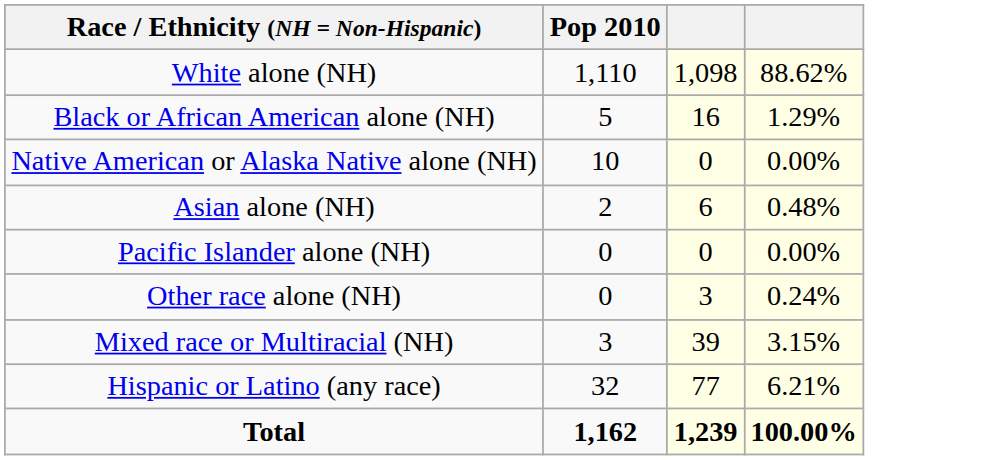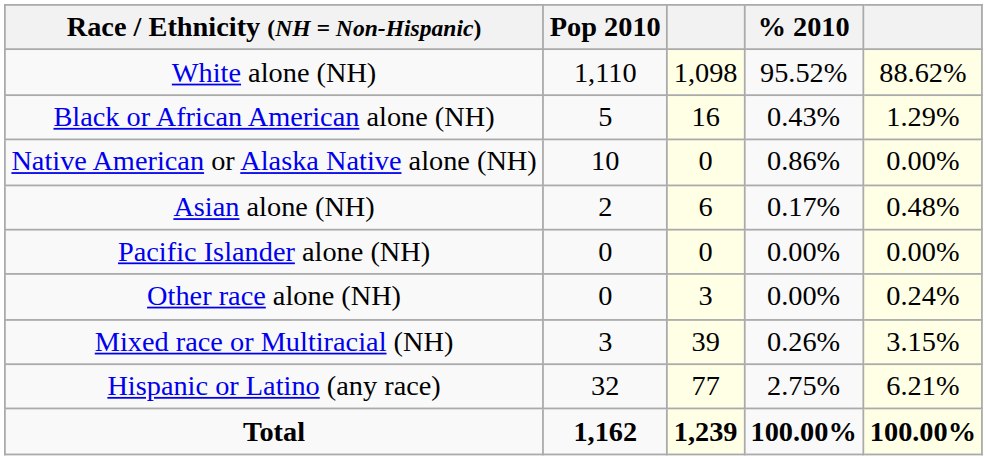 <table class="wikitable" style="text-align:center;">
 <tr>
 <th>Race / Ethnicity <small>(<em>NH = Non-Hispanic</em>)</small></th>
 <th>Pop 2010</th>
 <th></th>
+<th>% 2010</th>
 <th></th>
 </tr>
 <tr>
 <td><a href='#'>White</a> alone (NH)</td>
 <td>1,110</td>
 <td style='background: #ffffe6;'>1,098</td>
+<td>95.52%</td>
 <td style='background: #ffffe6;'>88.62%</td>
 </tr>
 <tr>
 <td><a href='#'>Black or African American</a> alone (NH)</td>
 <td>5</td>
 <td style='background: #ffffe6;'>16</td>
+<td>0.43%</td>
 <td style='background: #ffffe6;'>1.29%</td>
 </tr>
 <tr>
 <td><a href='#'>Native American</a> or <a href='#'>Alaska Native</a> alone (NH)</td>
 <td>10</td>
 <td style='background: #ffffe6;'>0</td>
+<td>0.86%</td>
 <td style='background: #ffffe6;'>0.00%</td>
 </tr>
 <tr>
 <td><a href='#'>Asian</a> alone (NH)</td>
 <td>2</td>
 <td style='background: #ffffe6;'>6</td>
+<td>0.17%</td>
 <td style='background: #ffffe6;'>0.48%</td>
 </tr>
 <tr>
 <td><a href='#'>Pacific Islander</a> alone (NH)</td>
 <td>0</td>
 <td style='background: #ffffe6;'>0</td>
+<td>0.00%</td>
 <td style='background: #ffffe6;'>0.00%</td>
 </tr>
 <tr>
 <td><a href='#'>Other race</a> alone (NH)</td>
 <td>0</td>
 <td style='background: #ffffe6;'>3</td>
+<td>0.00%</td>
 <td style='background: #ffffe6;'>0.24%</td>
 </tr>
 <tr>
 <td><a href='#'>Mixed race or Multiracial</a> (NH)</td>
 <td>3</td>
 <td style='background: #ffffe6;'>39</td>
+<td>0.26%</td>
 <td style='background: #ffffe6;'>3.15%</td>
 </tr>
 <tr>
 <td><a href='#'>Hispanic or Latino</a> (any race)</td>
 <td>32</td>
 <td style='background: #ffffe6;'>77</td>
+<td>2.75%</td>
 <td style='background: #ffffe6;'>6.21%</td>
 </tr>
 <tr>
 <td><strong>Total</strong></td>
 <td><strong>1,162</strong></td>
 <td style='background: #ffffe6;'><strong>1,239</strong></td>
+<td><strong>100.00%</strong></td>
 <td style='background: #ffffe6;'><strong>100.00%</strong></td>
 </tr>
 </table>
